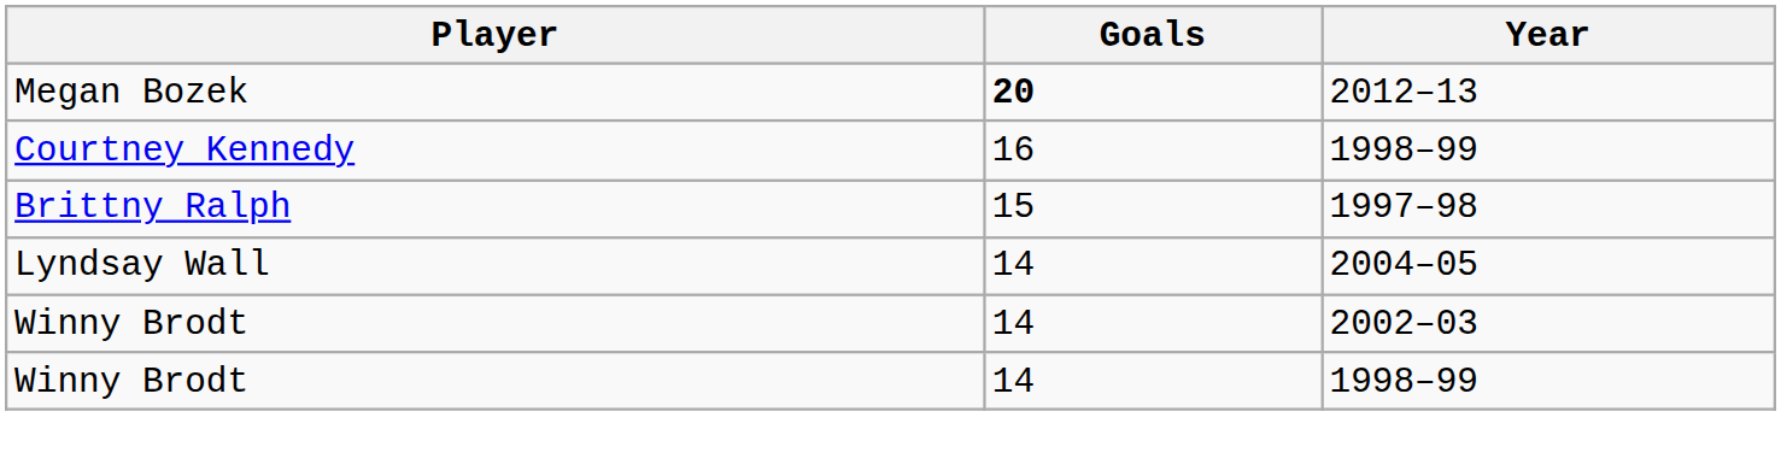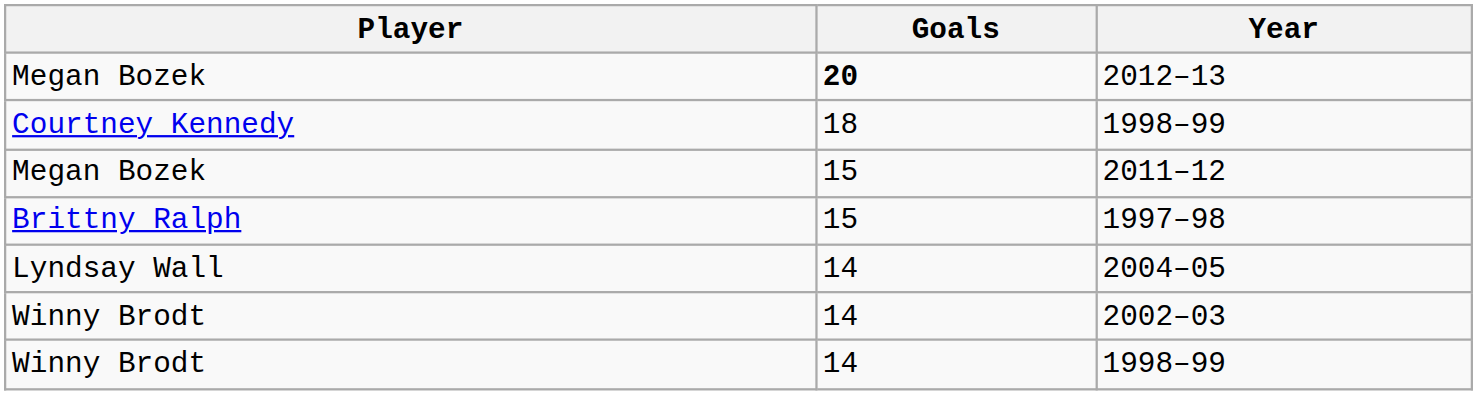 <table class="wikitable" style="width: 50em">
 <tr>
 <th>Player</th>
 <th>Goals</th>
 <th>Year</th>
 </tr>
 <tr>
 <td>Megan Bozek</td>
 <td><strong>20</strong></td>
 <td>2012–13</td>
 </tr>
 <tr>
 <td><a href='#'>Courtney Kennedy</a></td>
-<td>16</td>
+<td>18</td>
 <td>1998–99</td>
+</tr>
+<tr>
+<td>Megan Bozek</td>
+<td>15</td>
+<td>2011–12</td>
 </tr>
 <tr>
 <td><a href='#'>Brittny Ralph</a></td>
 <td>15</td>
 <td>1997–98</td>
 </tr>
 <tr>
 <td>Lyndsay Wall</td>
 <td>14</td>
 <td>2004–05</td>
 </tr>
 <tr>
 <td>Winny Brodt</td>
 <td>14</td>
 <td>2002–03</td>
 </tr>
 <tr>
 <td>Winny Brodt</td>
 <td>14</td>
 <td>1998–99</td>
 </tr>
 </table>
